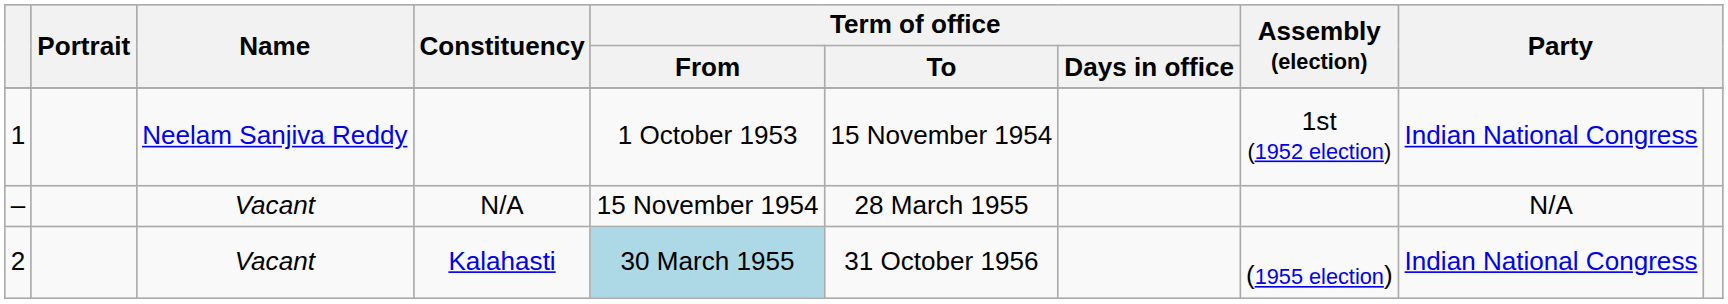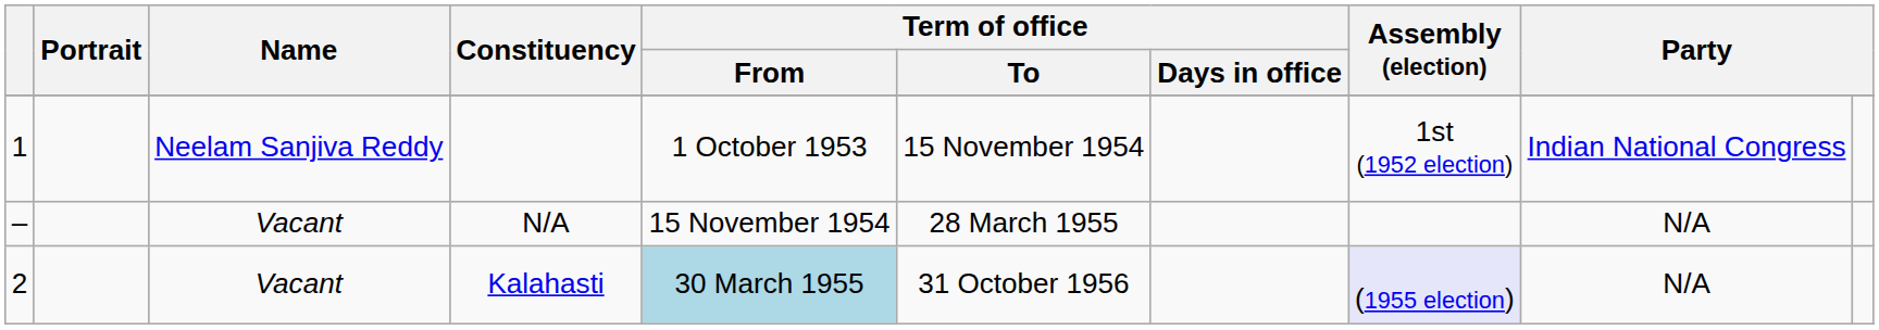 <table class="wikitable" style="text-align:center">
 <tr>
 <th rowspan="2" scope="col"></th>
 <th rowspan="2">Portrait</th>
 <th rowspan="2">Name</th>
 <th rowspan="2">Constituency</th>
 <th colspan="3">Term of office</th>
 <th rowspan="2">Assembly<br><small>(election)</small></th>
 <th colspan="2" rowspan="2">Party</th>
 </tr>
 <tr>
 <th>From</th>
 <th>To</th>
 <th>Days in office</th>
 </tr>
 <tr>
 </tr>
 <tr style="height: 60px;">
 <td>1</td>
 <td></td>
 <td><a href='#'>Neelam Sanjiva Reddy</a></td>
 <td></td>
 <td>1 October 1953</td>
 <td>15 November 1954</td>
 <td></td>
 <td>1st<br><small>(<a href='#'>1952 election</a>)</small></td>
 <td><a href='#'>Indian National Congress</a></td>
 <td width="4px" style="background-color: "></td>
 </tr>
 <tr>
 <td>–</td>
 <td></td>
 <td><em>Vacant</em></td>
 <td>N/A</td>
 <td>15 November 1954</td>
 <td>28 March 1955</td>
 <td></td>
 <td></td>
 <td>N/A</td>
 <td></td>
 </tr>
 <tr>
 <td>2</td>
 <td></td>
 <td><em>Vacant</em></td>
 <td><a href='#'>Kalahasti</a></td>
 <td style="background: lightblue;">30 March 1955</td>
 <td>31 October 1956</td>
 <td></td>
-<td><br>(<a href='#'><small>1955 election</small></a>)</td>
-<td><a href='#'>Indian National Congress</a></td>
+<td style="background: lavender;"><br>(<a href='#'><small>1955 election</small></a>)</td>
+<td>N/A</td>
 <td width="4px" style="background-color: "></td>
 </tr>
 </table>
